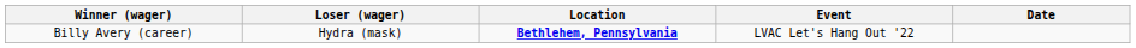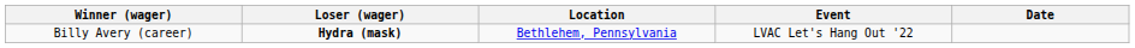 <table class="wikitable sortable" width=100% style="text-align: center">
 <tr>
 <th width=20% scope="col">Winner (wager)</th>
 <th width=20% scope="col">Loser (wager)</th>
 <th width=20% scope="col">Location</th>
 <th width=20% scope="col">Event</th>
 <th width=15% scope="col">Date</th>
 </tr>
 <tr>
 <td>Billy Avery (career)</td>
-<td>Hydra (mask)</td>
-<td><strong><a href='#'>Bethlehem, Pennsylvania</a></strong></td>
+<td><strong>Hydra (mask)</strong></td>
+<td><a href='#'>Bethlehem, Pennsylvania</a></td>
 <td>LVAC Let's Hang Out '22</td>
 <td></td>
 </tr>
 </table>
